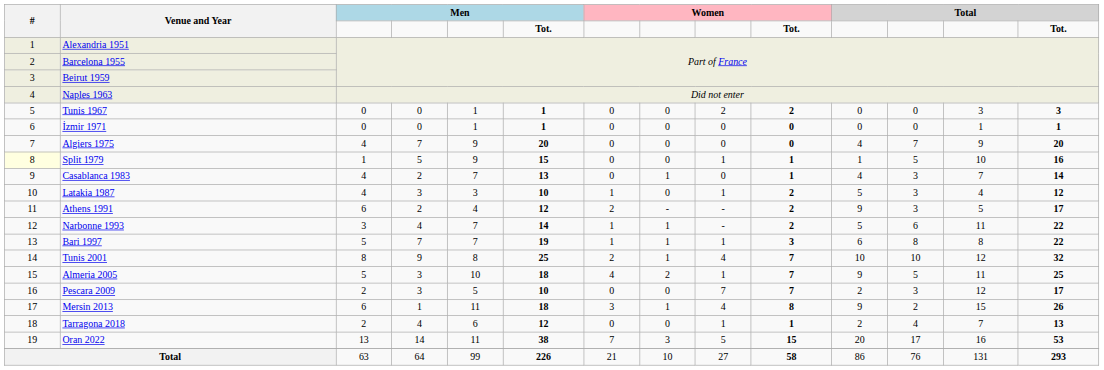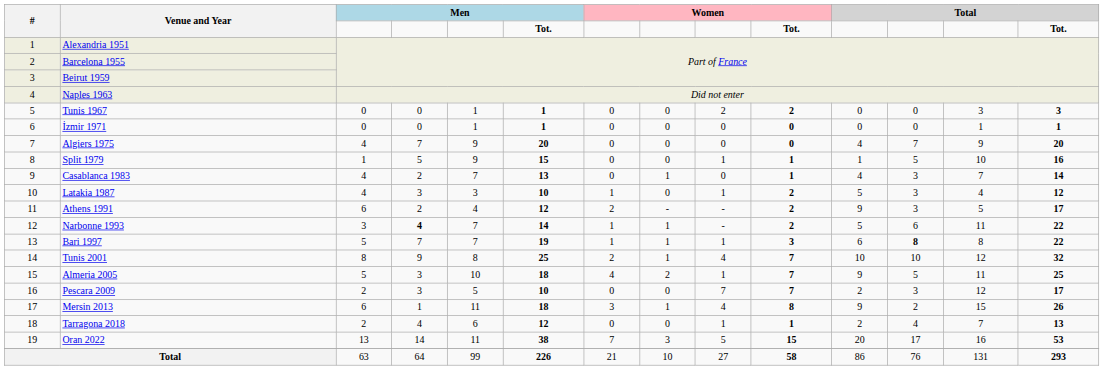 <table class="wikitable" width=80% style="font-size:90%; text-align:center;">
 <tr>
 <th rowspan=2>#</th>
 <th rowspan=2>Venue and Year</th>
 <th colspan=4; style="background-color:lightblue">Men</th>
 <th colspan=4; style="background-color:lightpink">Women</th>
 <th colspan=4; style="background-color:lightgrey">Total</th>
 </tr>
 <tr>
 <td></td>
 <td></td>
 <td></td>
 <td><strong>Tot.</strong></td>
 <td></td>
 <td></td>
 <td></td>
 <td><strong>Tot.</strong></td>
 <td></td>
 <td></td>
 <td></td>
 <td><strong>Tot.</strong></td>
 </tr>
 <tr bgcolor="efefe">
 <td align=center>1</td>
 <td align=left> <a href='#'>Alexandria 1951</a></td>
 <td colspan=12 rowspan=3><em>Part of  <a href='#'>France</a></em></td>
 </tr>
 <tr bgcolor="efefe">
 <td align=center>2</td>
 <td align=left> <a href='#'>Barcelona 1955</a></td>
 </tr>
 <tr bgcolor="efefe">
 <td align=center>3</td>
 <td align=left> <a href='#'>Beirut 1959</a></td>
 </tr>
 <tr bgcolor="efefe">
 <td align=center>4</td>
 <td align=left> <a href='#'>Naples 1963</a></td>
 <td colspan=12 rowspan=1><em>Did not enter</em></td>
 </tr>
 <tr>
 <td align=center>5</td>
 <td align=left> <a href='#'>Tunis 1967</a></td>
 <td>0</td>
 <td>0</td>
 <td>1</td>
 <td><strong>1</strong></td>
 <td>0</td>
 <td>0</td>
 <td>2</td>
 <td><strong>2</strong></td>
 <td>0</td>
 <td>0</td>
 <td>3</td>
 <td><strong>3</strong></td>
 </tr>
 <tr>
 <td align=center>6</td>
 <td align=left> <a href='#'>İzmir 1971</a></td>
 <td>0</td>
 <td>0</td>
 <td>1</td>
 <td><strong>1</strong></td>
 <td>0</td>
 <td>0</td>
 <td>0</td>
 <td><strong>0</strong></td>
 <td>0</td>
 <td>0</td>
 <td>1</td>
 <td><strong>1</strong></td>
 </tr>
 <tr>
 <td align=center>7</td>
 <td align=left> <a href='#'>Algiers 1975</a></td>
 <td>4</td>
 <td>7</td>
 <td>9</td>
 <td><strong>20</strong></td>
 <td>0</td>
 <td>0</td>
 <td>0</td>
 <td><strong>0</strong></td>
 <td>4</td>
 <td>7</td>
 <td>9</td>
 <td><strong>20</strong></td>
 </tr>
 <tr>
-<td align=center style="background: lightyellow;">8</td>
+<td align=center>8</td>
 <td align=left> <a href='#'>Split 1979</a></td>
 <td>1</td>
 <td>5</td>
 <td>9</td>
 <td><strong>15</strong></td>
 <td>0</td>
 <td>0</td>
 <td>1</td>
 <td><strong>1</strong></td>
 <td>1</td>
 <td>5</td>
 <td>10</td>
 <td><strong>16</strong></td>
 </tr>
 <tr>
 <td align=center>9</td>
 <td align=left> <a href='#'>Casablanca 1983</a></td>
 <td>4</td>
 <td>2</td>
 <td>7</td>
 <td><strong>13</strong></td>
 <td>0</td>
 <td>1</td>
 <td>0</td>
 <td><strong>1</strong></td>
 <td>4</td>
 <td>3</td>
 <td>7</td>
 <td><strong>14</strong></td>
 </tr>
 <tr>
 <td align=center>10</td>
 <td align=left> <a href='#'>Latakia 1987</a></td>
 <td>4</td>
 <td>3</td>
 <td>3</td>
 <td><strong>10</strong></td>
 <td>1</td>
 <td>0</td>
 <td>1</td>
 <td><strong>2</strong></td>
 <td>5</td>
 <td>3</td>
 <td>4</td>
 <td><strong>12</strong></td>
 </tr>
 <tr>
 <td align=center>11</td>
 <td align=left> <a href='#'>Athens 1991</a></td>
 <td>6</td>
 <td>2</td>
 <td>4</td>
 <td><strong>12</strong></td>
 <td>2</td>
 <td>-</td>
 <td>-</td>
 <td><strong>2</strong></td>
 <td>9</td>
 <td>3</td>
 <td>5</td>
 <td><strong>17</strong></td>
 </tr>
 <tr>
 <td align=center>12</td>
 <td align=left> <a href='#'>Narbonne 1993</a></td>
 <td>3</td>
-<td>4</td>
+<td><strong>4</strong></td>
 <td>7</td>
 <td><strong>14</strong></td>
 <td>1</td>
 <td>1</td>
 <td>-</td>
 <td><strong>2</strong></td>
 <td>5</td>
 <td>6</td>
 <td>11</td>
 <td><strong>22</strong></td>
 </tr>
 <tr>
 <td align=center>13</td>
 <td align=left> <a href='#'>Bari 1997</a></td>
 <td>5</td>
 <td>7</td>
 <td>7</td>
 <td><strong>19</strong></td>
 <td>1</td>
 <td>1</td>
 <td>1</td>
 <td><strong>3</strong></td>
 <td>6</td>
-<td>8</td>
+<td><strong>8</strong></td>
 <td>8</td>
 <td><strong>22</strong></td>
 </tr>
 <tr>
 <td align=center>14</td>
 <td align=left> <a href='#'>Tunis 2001</a></td>
 <td>8</td>
 <td>9</td>
 <td>8</td>
 <td><strong>25</strong></td>
 <td>2</td>
 <td>1</td>
 <td>4</td>
 <td><strong>7</strong></td>
 <td>10</td>
 <td>10</td>
 <td>12</td>
 <td><strong>32</strong></td>
 </tr>
 <tr>
 <td align=center>15</td>
 <td align=left> <a href='#'>Almeria 2005</a></td>
 <td>5</td>
 <td>3</td>
 <td>10</td>
 <td><strong>18</strong></td>
 <td>4</td>
 <td>2</td>
 <td>1</td>
 <td><strong>7</strong></td>
 <td>9</td>
 <td>5</td>
 <td>11</td>
 <td><strong>25</strong></td>
 </tr>
 <tr>
 <td align=center>16</td>
 <td align=left> <a href='#'>Pescara 2009</a></td>
 <td>2</td>
 <td>3</td>
 <td>5</td>
 <td><strong>10</strong></td>
 <td>0</td>
 <td>0</td>
 <td>7</td>
 <td><strong>7</strong></td>
 <td>2</td>
 <td>3</td>
 <td>12</td>
 <td><strong>17</strong></td>
 </tr>
 <tr>
 <td align=center>17</td>
 <td align=left> <a href='#'>Mersin 2013</a></td>
 <td>6</td>
 <td>1</td>
 <td>11</td>
 <td><strong>18</strong></td>
 <td>3</td>
 <td>1</td>
 <td>4</td>
 <td><strong>8</strong></td>
 <td>9</td>
 <td>2</td>
 <td>15</td>
 <td><strong>26</strong></td>
 </tr>
 <tr>
 <td align=center>18</td>
 <td align=left> <a href='#'>Tarragona 2018</a></td>
 <td>2</td>
 <td>4</td>
 <td>6</td>
 <td><strong>12</strong></td>
 <td>0</td>
 <td>0</td>
 <td>1</td>
 <td><strong>1</strong></td>
 <td>2</td>
 <td>4</td>
 <td>7</td>
 <td><strong>13</strong></td>
 </tr>
 <tr>
 <td align=center>19</td>
 <td align=left> <a href='#'>Oran 2022</a></td>
 <td>13</td>
 <td>14</td>
 <td>11</td>
 <td><strong>38</strong></td>
 <td>7</td>
 <td>3</td>
 <td>5</td>
 <td><strong>15</strong></td>
 <td>20</td>
 <td>17</td>
 <td>16</td>
 <td><strong>53</strong></td>
 </tr>
 <tr>
 </tr>
 <tr style="width:4em;">
 <th colspan=2>Total</th>
 <td>63</td>
 <td>64</td>
 <td>99</td>
 <td><strong>226</strong></td>
 <td>21</td>
 <td>10</td>
 <td>27</td>
 <td><strong>58</strong></td>
 <td>86</td>
 <td>76</td>
 <td>131</td>
 <td><strong>293</strong></td>
 </tr>
 </table>
